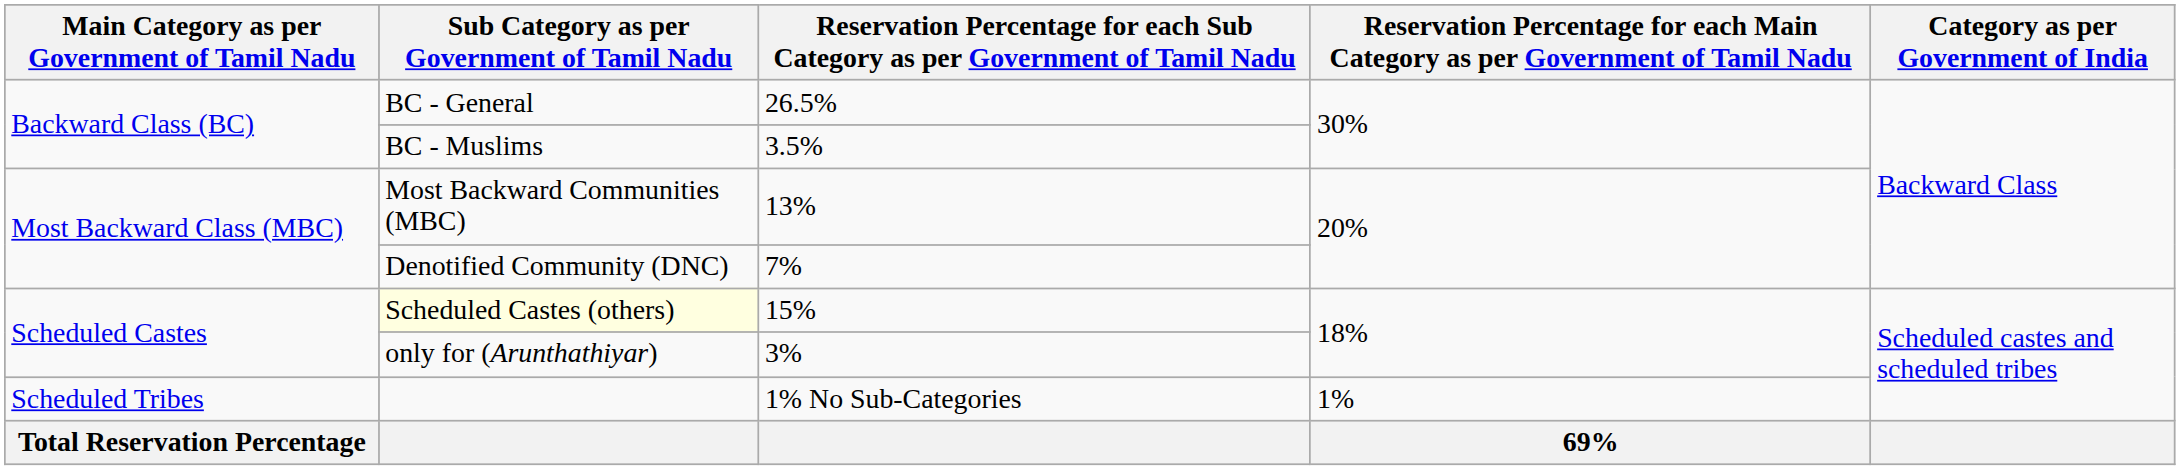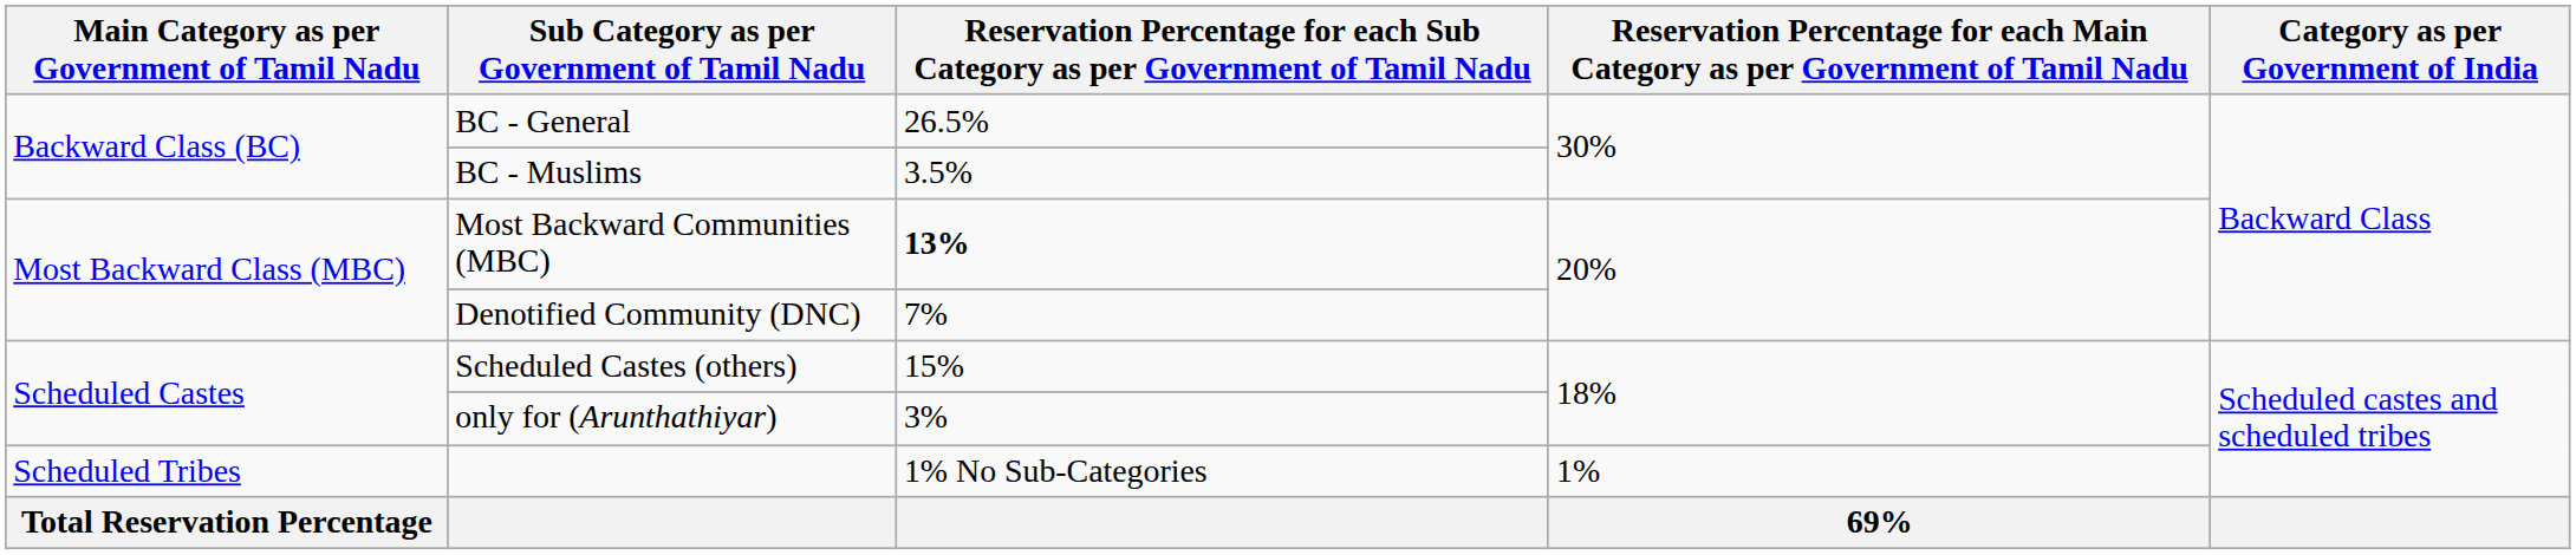 <table class="wikitable">
 <tr>
 <th style="background:; color:black;">Main Category as per <a href='#'>Government of Tamil Nadu</a></th>
 <th style="background:; color:black;">Sub Category as per <a href='#'>Government of Tamil Nadu</a></th>
 <th style="background:; color:black;">Reservation Percentage for each Sub Category as per <a href='#'>Government of Tamil Nadu</a></th>
 <th style="background:; color:black;">Reservation Percentage for each Main Category as per <a href='#'>Government of Tamil Nadu</a></th>
 <th style="background:; color:black;">Category as per <a href='#'>Government of India</a></th>
 </tr>
 <tr>
 <td rowspan=2><a href='#'>Backward Class (BC)</a></td>
 <td>BC - General</td>
 <td>26.5%</td>
 <td rowspan=2>30%</td>
 <td rowspan="4"><a href='#'>Backward Class</a></td>
 </tr>
 <tr>
 <td>BC - Muslims</td>
 <td>3.5%</td>
 </tr>
 <tr>
 <td rowspan="2"><a href='#'>Most Backward Class (MBC)</a></td>
 <td>Most Backward Communities (MBC)</td>
-<td>13%</td>
+<td><strong>13%</strong></td>
 <td rowspan="2">20%</td>
 </tr>
 <tr>
 <td>Denotified Community (DNC)</td>
 <td>7%</td>
 </tr>
 <tr>
 <td rowspan="2"><a href='#'>Scheduled Castes</a></td>
-<td style="background: lightyellow;">Scheduled Castes (others)</td>
+<td>Scheduled Castes (others)</td>
 <td>15%</td>
 <td rowspan="2">18%</td>
 <td rowspan="3"><a href='#'>Scheduled castes and scheduled tribes</a></td>
 </tr>
 <tr>
 <td>only for (<em>Arunthathiyar</em>)</td>
 <td>3%</td>
 </tr>
 <tr>
 <td><a href='#'>Scheduled Tribes</a></td>
 <td></td>
 <td>1% No Sub-Categories</td>
 <td>1%</td>
 </tr>
 <tr>
 <th>Total Reservation Percentage</th>
 <th></th>
 <th></th>
 <th>69%</th>
 <th></th>
 </tr>
 </table>
